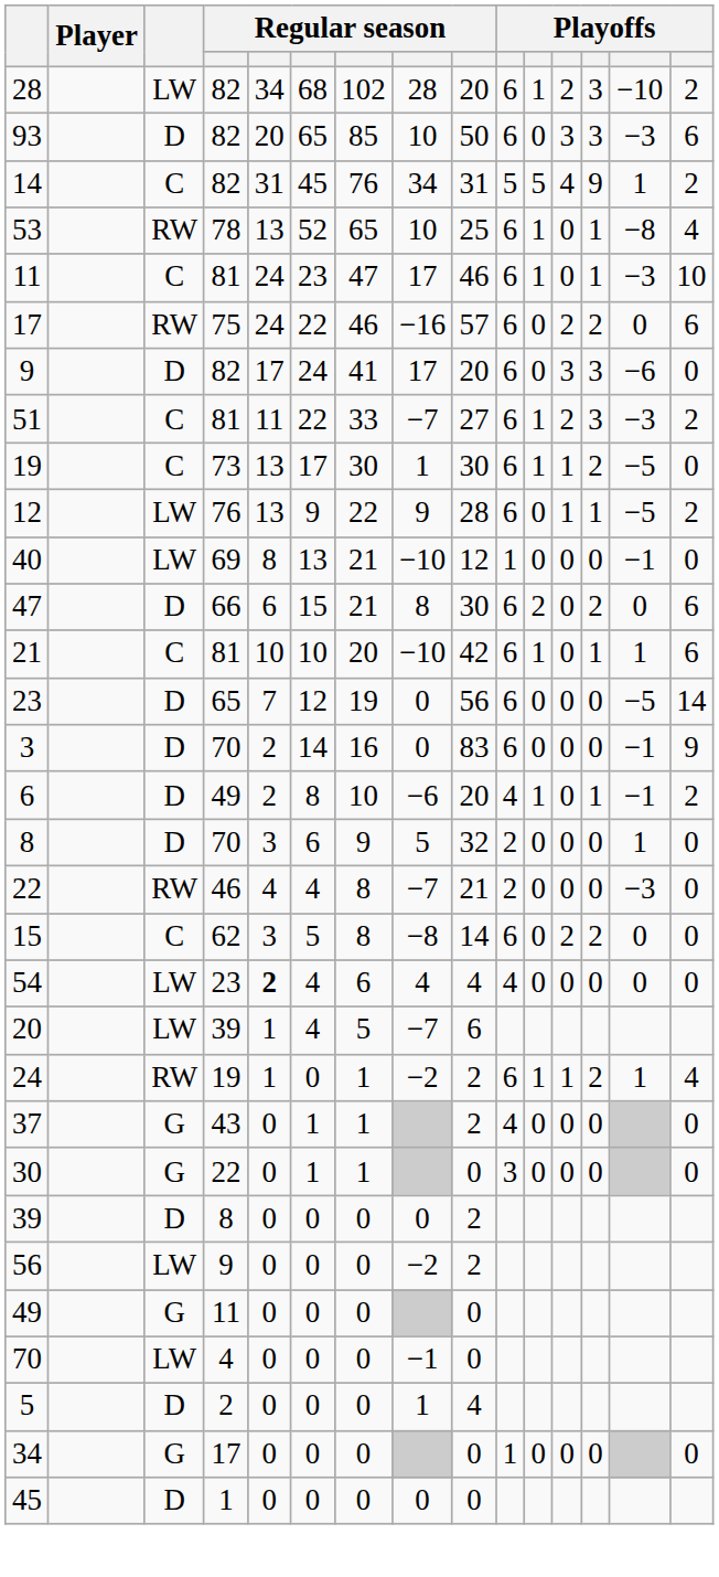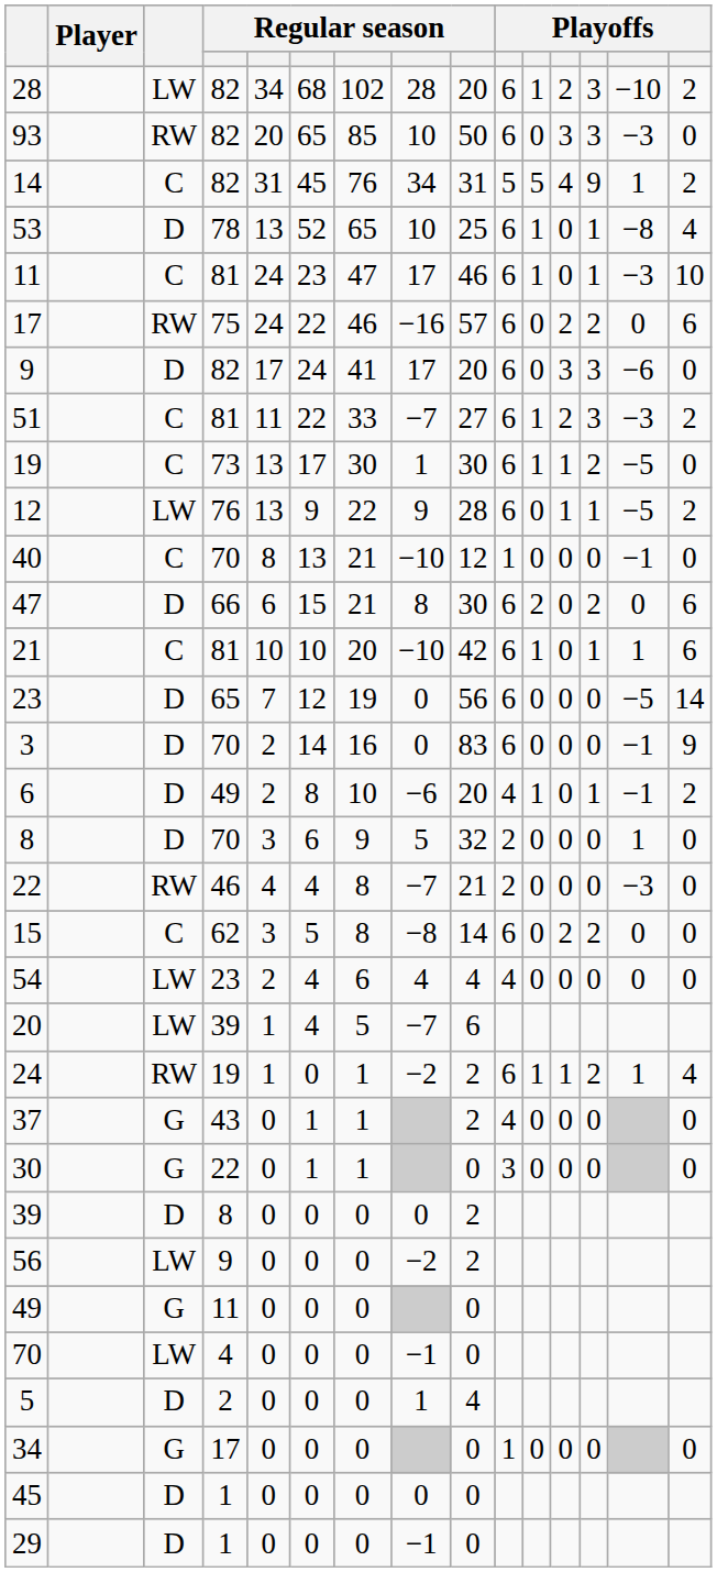 <table class="wikitable sortable plainrowheaders" style="text-align:center;">
 <tr>
 <th scope="col" data-sort-type="number" rowspan="2"></th>
 <th scope="col" rowspan="2">Player</th>
 <th scope="col" rowspan="2"></th>
 <th scope=colgroup colspan=6>Regular season</th>
 <th scope=colgroup colspan=6>Playoffs</th>
 </tr>
 <tr>
 <th scope="col" data-sort-type="number"></th>
 <th scope="col" data-sort-type="number"></th>
 <th scope="col" data-sort-type="number"></th>
 <th scope="col" data-sort-type="number"></th>
 <th scope="col" data-sort-type="number"></th>
 <th scope="col" data-sort-type="number"></th>
 <th scope="col" data-sort-type="number"></th>
 <th scope="col" data-sort-type="number"></th>
 <th scope="col" data-sort-type="number"></th>
 <th scope="col" data-sort-type="number"></th>
 <th scope="col" data-sort-type="number"></th>
 <th scope="col" data-sort-type="number"></th>
 </tr>
 <tr>
 <td scope="row">28</td>
 <td align="left"></td>
 <td>LW</td>
 <td>82</td>
 <td>34</td>
 <td>68</td>
 <td>102</td>
 <td>28</td>
 <td>20</td>
 <td>6</td>
 <td>1</td>
 <td>2</td>
 <td>3</td>
 <td>−10</td>
 <td>2</td>
 </tr>
 <tr>
 <td scope="row">93</td>
 <td align="left"></td>
-<td>D</td>
+<td>RW</td>
 <td>82</td>
 <td>20</td>
 <td>65</td>
 <td>85</td>
 <td>10</td>
 <td>50</td>
 <td>6</td>
 <td>0</td>
 <td>3</td>
 <td>3</td>
 <td>−3</td>
-<td>6</td>
+<td>0</td>
 </tr>
 <tr>
 <td scope="row">14</td>
 <td align="left"></td>
 <td>C</td>
 <td>82</td>
 <td>31</td>
 <td>45</td>
 <td>76</td>
 <td>34</td>
 <td>31</td>
 <td>5</td>
 <td>5</td>
 <td>4</td>
 <td>9</td>
 <td>1</td>
 <td>2</td>
 </tr>
 <tr>
 <td scope="row">53</td>
 <td align="left"></td>
-<td>RW</td>
+<td>D</td>
 <td>78</td>
 <td>13</td>
 <td>52</td>
 <td>65</td>
 <td>10</td>
 <td>25</td>
 <td>6</td>
 <td>1</td>
 <td>0</td>
 <td>1</td>
 <td>−8</td>
 <td>4</td>
 </tr>
 <tr>
 <td scope="row">11</td>
 <td align="left"></td>
 <td>C</td>
 <td>81</td>
 <td>24</td>
 <td>23</td>
 <td>47</td>
 <td>17</td>
 <td>46</td>
 <td>6</td>
 <td>1</td>
 <td>0</td>
 <td>1</td>
 <td>−3</td>
 <td>10</td>
 </tr>
 <tr>
 <td scope="row">17</td>
 <td align="left"></td>
 <td>RW</td>
 <td>75</td>
 <td>24</td>
 <td>22</td>
 <td>46</td>
 <td>−16</td>
 <td>57</td>
 <td>6</td>
 <td>0</td>
 <td>2</td>
 <td>2</td>
 <td>0</td>
 <td>6</td>
 </tr>
 <tr>
 <td scope="row">9</td>
 <td align="left"></td>
 <td>D</td>
 <td>82</td>
 <td>17</td>
 <td>24</td>
 <td>41</td>
 <td>17</td>
 <td>20</td>
 <td>6</td>
 <td>0</td>
 <td>3</td>
 <td>3</td>
 <td>−6</td>
 <td>0</td>
 </tr>
 <tr>
 <td scope="row">51</td>
 <td align="left"></td>
 <td>C</td>
 <td>81</td>
 <td>11</td>
 <td>22</td>
 <td>33</td>
 <td>−7</td>
 <td>27</td>
 <td>6</td>
 <td>1</td>
 <td>2</td>
 <td>3</td>
 <td>−3</td>
 <td>2</td>
 </tr>
 <tr>
 <td scope="row">19</td>
 <td align="left"></td>
 <td>C</td>
 <td>73</td>
 <td>13</td>
 <td>17</td>
 <td>30</td>
 <td>1</td>
 <td>30</td>
 <td>6</td>
 <td>1</td>
 <td>1</td>
 <td>2</td>
 <td>−5</td>
 <td>0</td>
 </tr>
 <tr>
 <td scope="row">12</td>
 <td align="left"></td>
 <td>LW</td>
 <td>76</td>
 <td>13</td>
 <td>9</td>
 <td>22</td>
 <td>9</td>
 <td>28</td>
 <td>6</td>
 <td>0</td>
 <td>1</td>
 <td>1</td>
 <td>−5</td>
 <td>2</td>
 </tr>
 <tr>
 <td scope="row">40</td>
 <td align="left"></td>
-<td>LW</td>
-<td>69</td>
+<td>C</td>
+<td>70</td>
 <td>8</td>
 <td>13</td>
 <td>21</td>
 <td>−10</td>
 <td>12</td>
 <td>1</td>
 <td>0</td>
 <td>0</td>
 <td>0</td>
 <td>−1</td>
 <td>0</td>
 </tr>
 <tr>
 <td scope="row">47</td>
 <td align="left"></td>
 <td>D</td>
 <td>66</td>
 <td>6</td>
 <td>15</td>
 <td>21</td>
 <td>8</td>
 <td>30</td>
 <td>6</td>
 <td>2</td>
 <td>0</td>
 <td>2</td>
 <td>0</td>
 <td>6</td>
 </tr>
 <tr>
 <td scope="row">21</td>
 <td align="left"></td>
 <td>C</td>
 <td>81</td>
 <td>10</td>
 <td>10</td>
 <td>20</td>
 <td>−10</td>
 <td>42</td>
 <td>6</td>
 <td>1</td>
 <td>0</td>
 <td>1</td>
 <td>1</td>
 <td>6</td>
 </tr>
 <tr>
 <td scope="row">23</td>
 <td align="left"></td>
 <td>D</td>
 <td>65</td>
 <td>7</td>
 <td>12</td>
 <td>19</td>
 <td>0</td>
 <td>56</td>
 <td>6</td>
 <td>0</td>
 <td>0</td>
 <td>0</td>
 <td>−5</td>
 <td>14</td>
 </tr>
 <tr>
 <td scope="row">3</td>
 <td align="left"></td>
 <td>D</td>
 <td>70</td>
 <td>2</td>
 <td>14</td>
 <td>16</td>
 <td>0</td>
 <td>83</td>
 <td>6</td>
 <td>0</td>
 <td>0</td>
 <td>0</td>
 <td>−1</td>
 <td>9</td>
 </tr>
 <tr>
 <td scope="row">6</td>
 <td align="left"></td>
 <td>D</td>
 <td>49</td>
 <td>2</td>
 <td>8</td>
 <td>10</td>
 <td>−6</td>
 <td>20</td>
 <td>4</td>
 <td>1</td>
 <td>0</td>
 <td>1</td>
 <td>−1</td>
 <td>2</td>
 </tr>
 <tr>
 <td scope="row">8</td>
 <td align="left"></td>
 <td>D</td>
 <td>70</td>
 <td>3</td>
 <td>6</td>
 <td>9</td>
 <td>5</td>
 <td>32</td>
 <td>2</td>
 <td>0</td>
 <td>0</td>
 <td>0</td>
 <td>1</td>
 <td>0</td>
 </tr>
 <tr>
 <td scope="row">22</td>
 <td align="left"></td>
 <td>RW</td>
 <td>46</td>
 <td>4</td>
 <td>4</td>
 <td>8</td>
 <td>−7</td>
 <td>21</td>
 <td>2</td>
 <td>0</td>
 <td>0</td>
 <td>0</td>
 <td>−3</td>
 <td>0</td>
 </tr>
 <tr>
 <td scope="row">15</td>
 <td align="left"></td>
 <td>C</td>
 <td>62</td>
 <td>3</td>
 <td>5</td>
 <td>8</td>
 <td>−8</td>
 <td>14</td>
 <td>6</td>
 <td>0</td>
 <td>2</td>
 <td>2</td>
 <td>0</td>
 <td>0</td>
 </tr>
 <tr>
 <td scope="row">54</td>
 <td align="left"></td>
 <td>LW</td>
 <td>23</td>
-<td><strong>2</strong></td>
+<td>2</td>
 <td>4</td>
 <td>6</td>
 <td>4</td>
 <td>4</td>
 <td>4</td>
 <td>0</td>
 <td>0</td>
 <td>0</td>
 <td>0</td>
 <td>0</td>
 </tr>
 <tr>
 <td scope="row">20</td>
 <td align="left"></td>
 <td>LW</td>
 <td>39</td>
 <td>1</td>
 <td>4</td>
 <td>5</td>
 <td>−7</td>
 <td>6</td>
 <td></td>
 <td></td>
 <td></td>
 <td></td>
 <td></td>
 <td></td>
 </tr>
 <tr>
 <td scope="row">24</td>
 <td align="left"></td>
 <td>RW</td>
 <td>19</td>
 <td>1</td>
 <td>0</td>
 <td>1</td>
 <td>−2</td>
 <td>2</td>
 <td>6</td>
 <td>1</td>
 <td>1</td>
 <td>2</td>
 <td>1</td>
 <td>4</td>
 </tr>
 <tr>
 <td scope="row">37</td>
 <td align="left"></td>
 <td>G</td>
 <td>43</td>
 <td>0</td>
 <td>1</td>
 <td>1</td>
 <td style="background:#ccc"></td>
 <td>2</td>
 <td>4</td>
 <td>0</td>
 <td>0</td>
 <td>0</td>
 <td style="background:#ccc"></td>
 <td>0</td>
 </tr>
 <tr>
 <td scope="row">30</td>
 <td align="left"></td>
 <td>G</td>
 <td>22</td>
 <td>0</td>
 <td>1</td>
 <td>1</td>
 <td style="background:#ccc"></td>
 <td>0</td>
 <td>3</td>
 <td>0</td>
 <td>0</td>
 <td>0</td>
 <td style="background:#ccc"></td>
 <td>0</td>
 </tr>
 <tr>
 <td scope="row">39</td>
 <td align="left"></td>
 <td>D</td>
 <td>8</td>
 <td>0</td>
 <td>0</td>
 <td>0</td>
 <td>0</td>
 <td>2</td>
 <td></td>
 <td></td>
 <td></td>
 <td></td>
 <td></td>
 <td></td>
 </tr>
 <tr>
 <td scope="row">56</td>
 <td align="left"></td>
 <td>LW</td>
 <td>9</td>
 <td>0</td>
 <td>0</td>
 <td>0</td>
 <td>−2</td>
 <td>2</td>
 <td></td>
 <td></td>
 <td></td>
 <td></td>
 <td></td>
 <td></td>
 </tr>
 <tr>
 <td scope="row">49</td>
 <td align="left"></td>
 <td>G</td>
 <td>11</td>
 <td>0</td>
 <td>0</td>
 <td>0</td>
 <td style="background:#ccc"></td>
 <td>0</td>
 <td></td>
 <td></td>
 <td></td>
 <td></td>
 <td></td>
 <td></td>
 </tr>
 <tr>
 <td scope="row">70</td>
 <td align="left"></td>
 <td>LW</td>
 <td>4</td>
 <td>0</td>
 <td>0</td>
 <td>0</td>
 <td>−1</td>
 <td>0</td>
 <td></td>
 <td></td>
 <td></td>
 <td></td>
 <td></td>
 <td></td>
 </tr>
 <tr>
 <td scope="row">5</td>
 <td align="left"></td>
 <td>D</td>
 <td>2</td>
 <td>0</td>
 <td>0</td>
 <td>0</td>
 <td>1</td>
 <td>4</td>
 <td></td>
 <td></td>
 <td></td>
 <td></td>
 <td></td>
 <td></td>
 </tr>
 <tr>
 <td scope="row">34</td>
 <td align="left"></td>
 <td>G</td>
 <td>17</td>
 <td>0</td>
 <td>0</td>
 <td>0</td>
 <td style="background:#ccc"></td>
 <td>0</td>
 <td>1</td>
 <td>0</td>
 <td>0</td>
 <td>0</td>
 <td style="background:#ccc"></td>
 <td>0</td>
 </tr>
 <tr>
 <td scope="row">45</td>
 <td align="left"></td>
 <td>D</td>
 <td>1</td>
 <td>0</td>
 <td>0</td>
 <td>0</td>
 <td>0</td>
 <td>0</td>
 <td></td>
 <td></td>
 <td></td>
 <td></td>
 <td></td>
 <td></td>
 </tr>
+<tr>
+<td scope="row">29</td>
+<td align="left"></td>
+<td>D</td>
+<td>1</td>
+<td>0</td>
+<td>0</td>
+<td>0</td>
+<td>−1</td>
+<td>0</td>
+<td></td>
+<td></td>
+<td></td>
+<td></td>
+<td></td>
+<td></td>
+</tr>
 </table>
